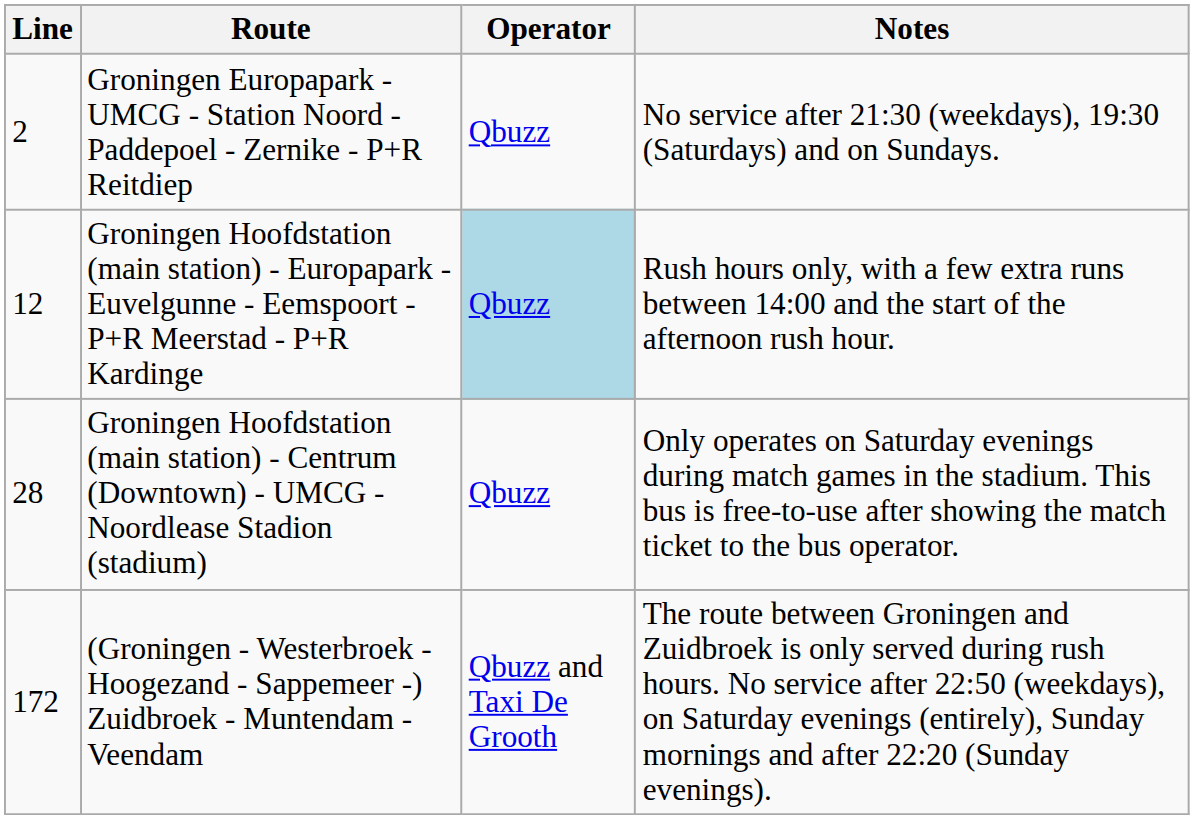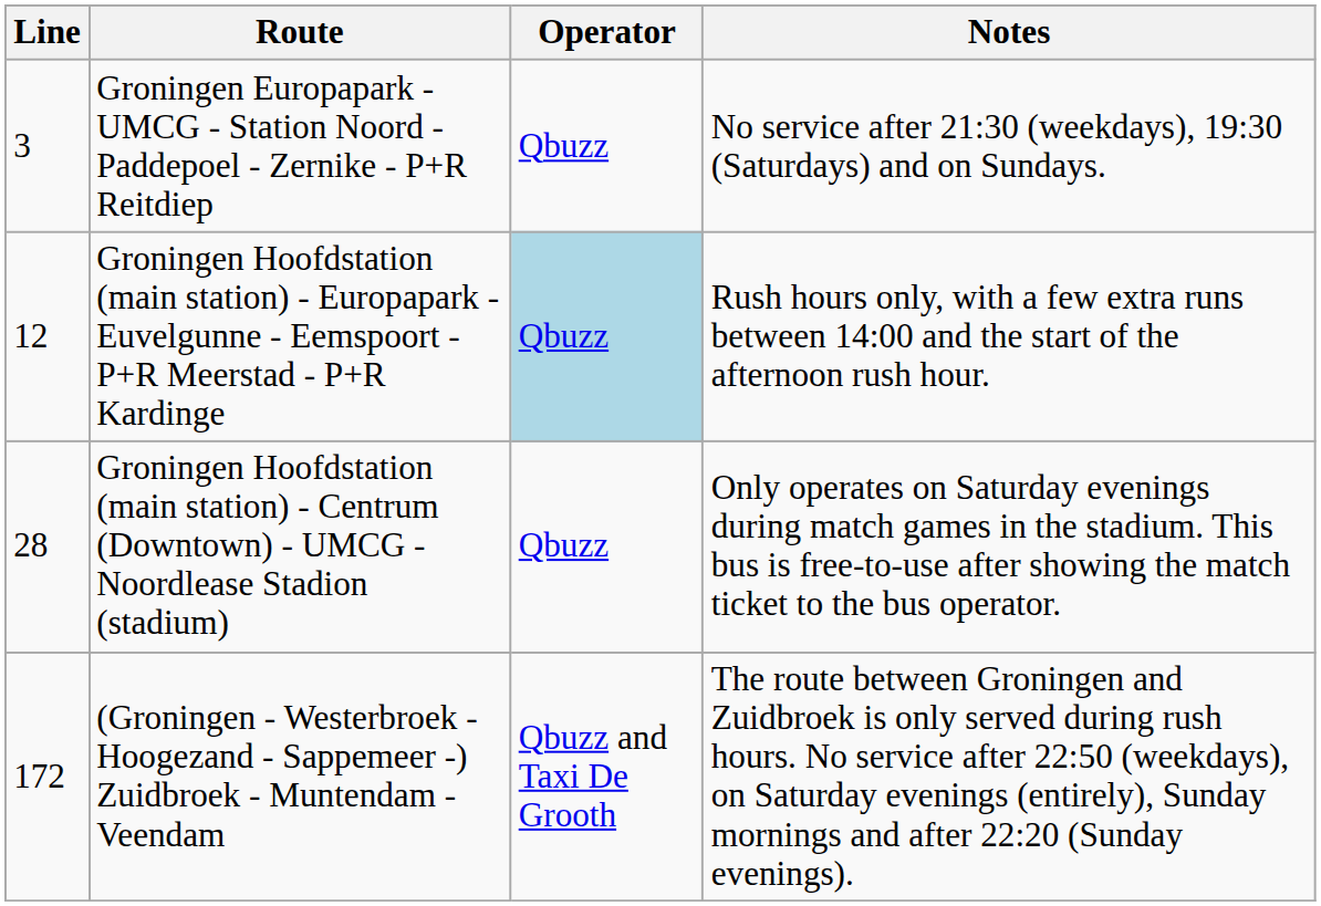 <table class="wikitable">
 <tr>
 <th>Line</th>
 <th>Route</th>
 <th>Operator</th>
 <th>Notes</th>
 </tr>
 <tr>
-<td>2</td>
+<td>3</td>
 <td>Groningen Europapark - UMCG - Station Noord - Paddepoel - Zernike - P+R Reitdiep</td>
 <td><a href='#'>Qbuzz</a></td>
 <td>No service after 21:30 (weekdays), 19:30 (Saturdays) and on Sundays.</td>
 </tr>
 <tr>
 <td>12</td>
 <td>Groningen Hoofdstation (main station) - Europapark - Euvelgunne - Eemspoort - P+R Meerstad - P+R Kardinge</td>
 <td style="background: lightblue;"><a href='#'>Qbuzz</a></td>
 <td>Rush hours only, with a few extra runs between 14:00 and the start of the afternoon rush hour.</td>
 </tr>
 <tr>
 <td>28</td>
 <td>Groningen Hoofdstation (main station) - Centrum (Downtown) - UMCG - Noordlease Stadion (stadium)</td>
 <td><a href='#'>Qbuzz</a></td>
 <td>Only operates on Saturday evenings during match games in the stadium. This bus is free-to-use after showing the match ticket to the bus operator.</td>
 </tr>
 <tr>
 <td>172</td>
 <td>(Groningen - Westerbroek - Hoogezand - Sappemeer -) Zuidbroek - Muntendam - Veendam</td>
 <td><a href='#'>Qbuzz</a> and <a href='#'>Taxi De Grooth</a></td>
 <td>The route between Groningen and Zuidbroek is only served during rush hours. No service after 22:50 (weekdays), on Saturday evenings (entirely), Sunday mornings and after 22:20 (Sunday evenings).</td>
 </tr>
 </table>
